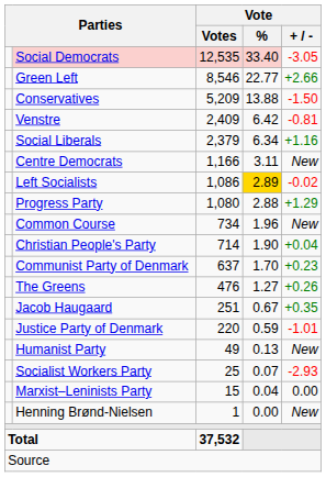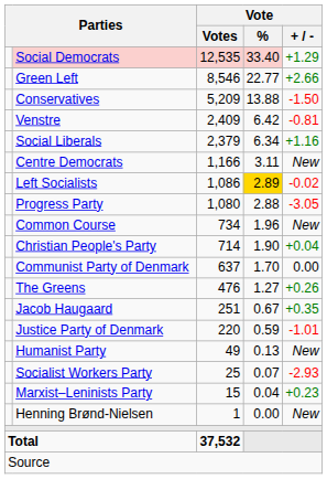 <table class="wikitable" style="text-align:right;">
 <tr>
 <th style="text-align:centre;" rowspan="2" colspan="2" width="225">Parties</th>
 <th colspan="3">Vote</th>
 </tr>
 <tr>
 <th width="15">Votes</th>
 <th width="15">%</th>
 <th width="15">+ / -</th>
 </tr>
 <tr>
 <td width="2" style="color:inherit;background:"></td>
 <td bgcolor=#fbd0ce  align="left"><a href='#'>Social Democrats</a></td>
 <td bgcolor=#fbd0ce>12,535</td>
 <td bgcolor=#fbd0ce>33.40</td>
-<td style=color:red;>-3.05</td>
+<td style=color:green;>+1.29</td>
 </tr>
 <tr>
 <td width="2" style="color:inherit;background:"></td>
 <td align="left"><a href='#'>Green Left</a></td>
 <td>8,546</td>
 <td>22.77</td>
 <td style=color:green;>+2.66</td>
 </tr>
 <tr>
 <td width="2" style="color:inherit;background:"></td>
 <td align="left"><a href='#'>Conservatives</a></td>
 <td>5,209</td>
 <td>13.88</td>
 <td style=color:red;>-1.50</td>
 </tr>
 <tr>
 <td width="2" style="color:inherit;background:"></td>
 <td align="left"><a href='#'>Venstre</a></td>
 <td>2,409</td>
 <td>6.42</td>
 <td style=color:red;>-0.81</td>
 </tr>
 <tr>
 <td width="2" style="color:inherit;background:"></td>
 <td align="left"><a href='#'>Social Liberals</a></td>
 <td>2,379</td>
 <td>6.34</td>
 <td style=color:green;>+1.16</td>
 </tr>
 <tr>
 <td width="2" style="color:inherit;background:"></td>
 <td align="left"><a href='#'>Centre Democrats</a></td>
 <td>1,166</td>
 <td>3.11</td>
 <td><em>New</em></td>
 </tr>
 <tr>
 <td width="2" style="color:inherit;background:"></td>
 <td align="left"><a href='#'>Left Socialists</a></td>
 <td>1,086</td>
 <td style="background: gold;">2.89</td>
 <td style=color:red;>-0.02</td>
 </tr>
 <tr>
 <td width="2" style="color:inherit;background:"></td>
 <td align="left"><a href='#'>Progress Party</a></td>
 <td>1,080</td>
 <td>2.88</td>
-<td style=color:green;>+1.29</td>
+<td style=color:red;>-3.05</td>
 </tr>
 <tr>
 <td width="2" style="color:inherit;background:"></td>
 <td align="left"><a href='#'>Common Course</a></td>
 <td>734</td>
 <td>1.96</td>
 <td><em>New</em></td>
 </tr>
 <tr>
 <td width="2" style="color:inherit;background:"></td>
 <td align="left"><a href='#'>Christian People's Party</a></td>
 <td>714</td>
 <td>1.90</td>
 <td style=color:green;>+0.04</td>
 </tr>
 <tr>
 <td width="2" style="color:inherit;background:"></td>
 <td align="left"><a href='#'>Communist Party of Denmark</a></td>
 <td>637</td>
 <td>1.70</td>
-<td style=color:green;>+0.23</td>
+<td>0.00</td>
 </tr>
 <tr>
 <td width="2" style="color:inherit;background:"></td>
 <td align="left"><a href='#'>The Greens</a></td>
 <td>476</td>
 <td>1.27</td>
 <td style=color:green;>+0.26</td>
 </tr>
 <tr>
 <td width="2" style="color:inherit;background:"></td>
 <td align="left"><a href='#'>Jacob Haugaard</a></td>
 <td>251</td>
 <td>0.67</td>
 <td style=color:green;>+0.35</td>
 </tr>
 <tr>
 <td width="2" style="color:inherit;background:"></td>
 <td align="left"><a href='#'>Justice Party of Denmark</a></td>
 <td>220</td>
 <td>0.59</td>
 <td style=color:red;>-1.01</td>
 </tr>
 <tr>
 <td width="2" style="color:inherit;background:"></td>
 <td align="left"><a href='#'>Humanist Party</a></td>
 <td>49</td>
 <td>0.13</td>
 <td><em>New</em></td>
 </tr>
 <tr>
 <td width="2" style="color:inherit;background:"></td>
 <td align="left"><a href='#'>Socialist Workers Party</a></td>
 <td>25</td>
 <td>0.07</td>
 <td style=color:red;>-2.93</td>
 </tr>
 <tr>
 <td width="2" style="color:inherit;background:"></td>
 <td align="left"><a href='#'>Marxist–Leninists Party</a></td>
 <td>15</td>
 <td>0.04</td>
-<td>0.00</td>
+<td style=color:green;>+0.23</td>
 </tr>
 <tr>
 <td width="2" style="color:inherit;background:"></td>
 <td align="left">Henning Brønd-Nielsen</td>
 <td>1</td>
 <td>0.00</td>
 <td><em>New</em></td>
 </tr>
 <tr>
 <td colspan="7" bgcolor="#E9E9E9"></td>
 </tr>
 <tr>
 <td align="left" colspan="2"><strong>Total</strong></td>
 <td><strong>37,532</strong></td>
 <td bgcolor="#E9E9E9" colspan="2"></td>
 </tr>
 <tr>
 <td align="left" colspan="6">Source</td>
 </tr>
 </table>
